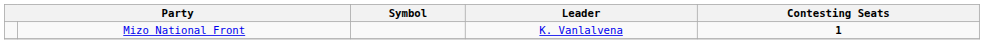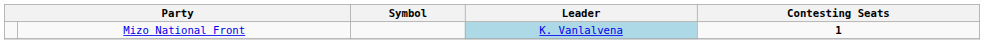 <table class="wikitable" width="60%" style="text-align:center">
 <tr>
 <th colspan="2">Party</th>
 <th>Symbol</th>
 <th>Leader</th>
 <th>Contesting Seats</th>
 </tr>
 <tr>
 <td></td>
 <td><a href='#'>Mizo National Front</a></td>
 <td></td>
-<td><a href='#'>K. Vanlalvena</a></td>
+<td style="background: lightblue;"><a href='#'>K. Vanlalvena</a></td>
 <td><strong>1</strong></td>
 </tr>
 <tr>
 </tr>
 </table>
